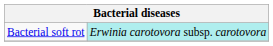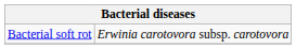 <table class="wikitable" style="clear">
 <tr>
 <th colspan=2><strong>Bacterial diseases</strong><br></th>
 </tr>
 <tr>
 <td><a href='#'>Bacterial soft rot</a></td>
-<td style="background: paleturquoise;"><em>Erwinia carotovora</em> subsp. <em>carotovora</em></td>
+<td><em>Erwinia carotovora</em> subsp. <em>carotovora</em></td>
 </tr>
 <tr>
 </tr>
 </table>
